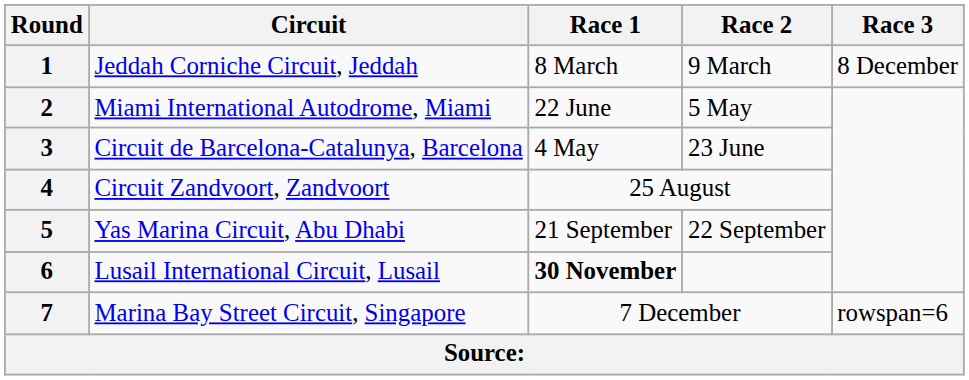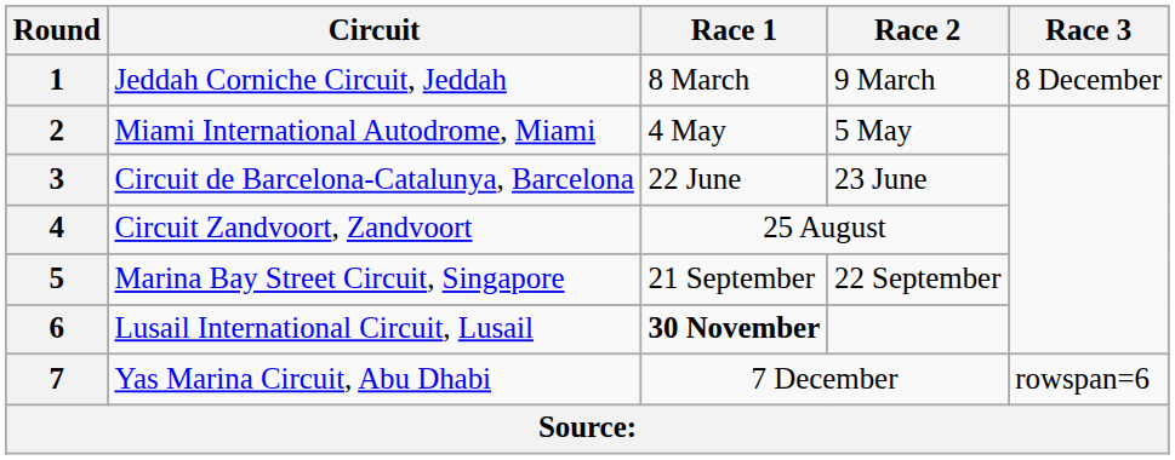 <table class=wikitable style="font-size:85%;">
 <tr>
 <th>Round</th>
 <th>Circuit</th>
 <th nowrap>Race 1</th>
 <th nowrap>Race 2</th>
 <th nowrap>Race 3</th>
 </tr>
 <tr>
 <th>1</th>
 <td> <a href='#'>Jeddah Corniche Circuit</a>, <a href='#'>Jeddah</a></td>
 <td>8 March</td>
 <td>9 March</td>
 <td>8 December</td>
 </tr>
 <tr>
 <th>2</th>
 <td> <a href='#'>Miami International Autodrome</a>, <a href='#'>Miami</a></td>
-<td>22 June</td>
+<td>4 May</td>
 <td>5 May</td>
 </tr>
 <tr>
 <th>3</th>
 <td> <a href='#'>Circuit de Barcelona-Catalunya</a>, <a href='#'>Barcelona</a></td>
-<td>4 May</td>
+<td>22 June</td>
 <td>23 June</td>
 </tr>
 <tr>
 <th>4</th>
 <td nowrap> <a href='#'>Circuit Zandvoort</a>, <a href='#'>Zandvoort</a></td>
 <td colspan=2 align=center>25 August</td>
 </tr>
 <tr>
 <th>5</th>
-<td> <a href='#'>Yas Marina Circuit</a>, <a href='#'>Abu Dhabi</a></td>
+<td nowrap> <a href='#'>Marina Bay Street Circuit</a>, <a href='#'>Singapore</a></td>
 <td>21 September</td>
 <td>22 September</td>
 </tr>
 <tr>
 <th>6</th>
 <td> <a href='#'>Lusail International Circuit</a>, <a href='#'>Lusail</a></td>
 <td nowrap><strong>30 November</strong></td>
 <td></td>
 </tr>
 <tr>
 <th>7</th>
-<td nowrap> <a href='#'>Marina Bay Street Circuit</a>, <a href='#'>Singapore</a></td>
+<td> <a href='#'>Yas Marina Circuit</a>, <a href='#'>Abu Dhabi</a></td>
 <td colspan="2" style="text-align:center;">7 December</td>
 <td>rowspan=6 </td>
 </tr>
 <tr>
 <th colspan=5>Source:</th>
 </tr>
 </table>
